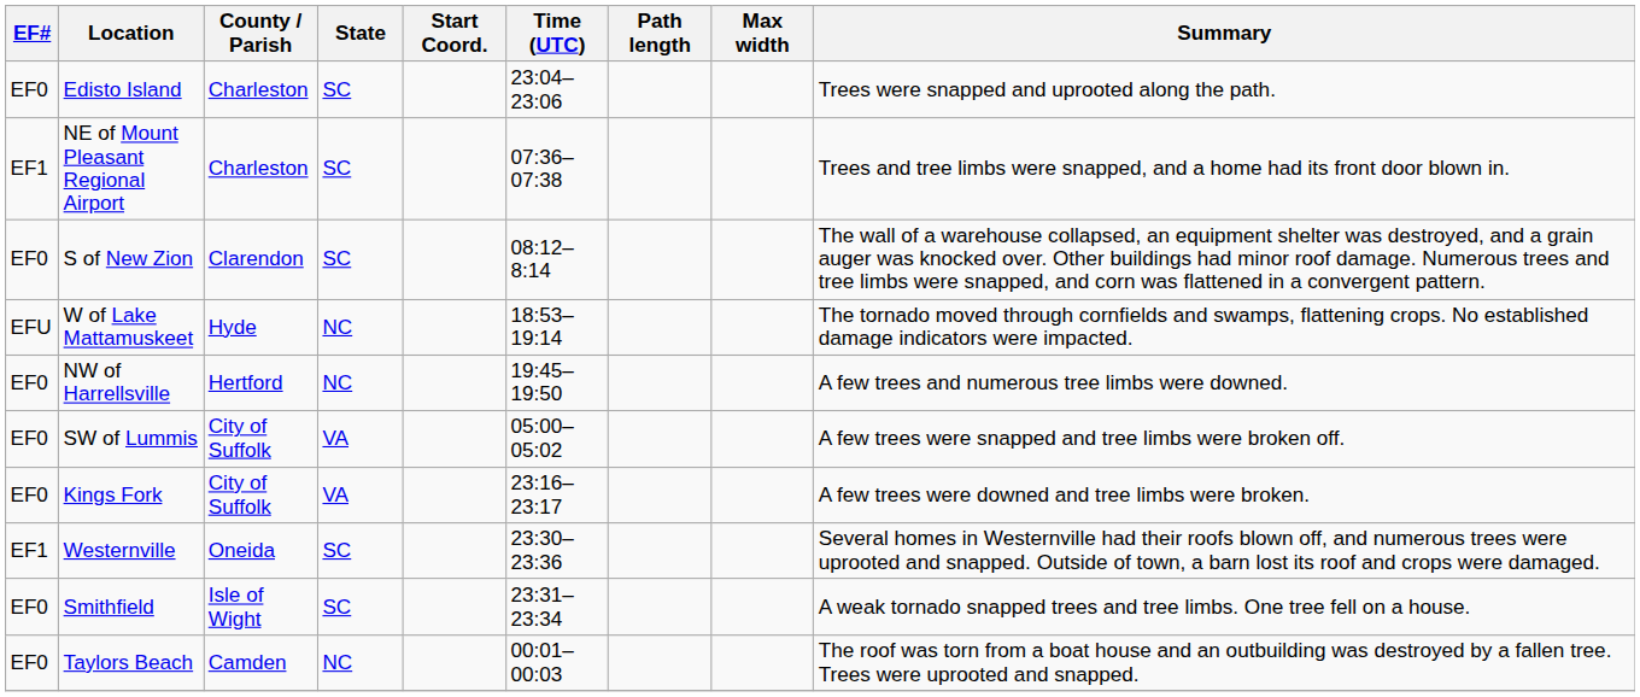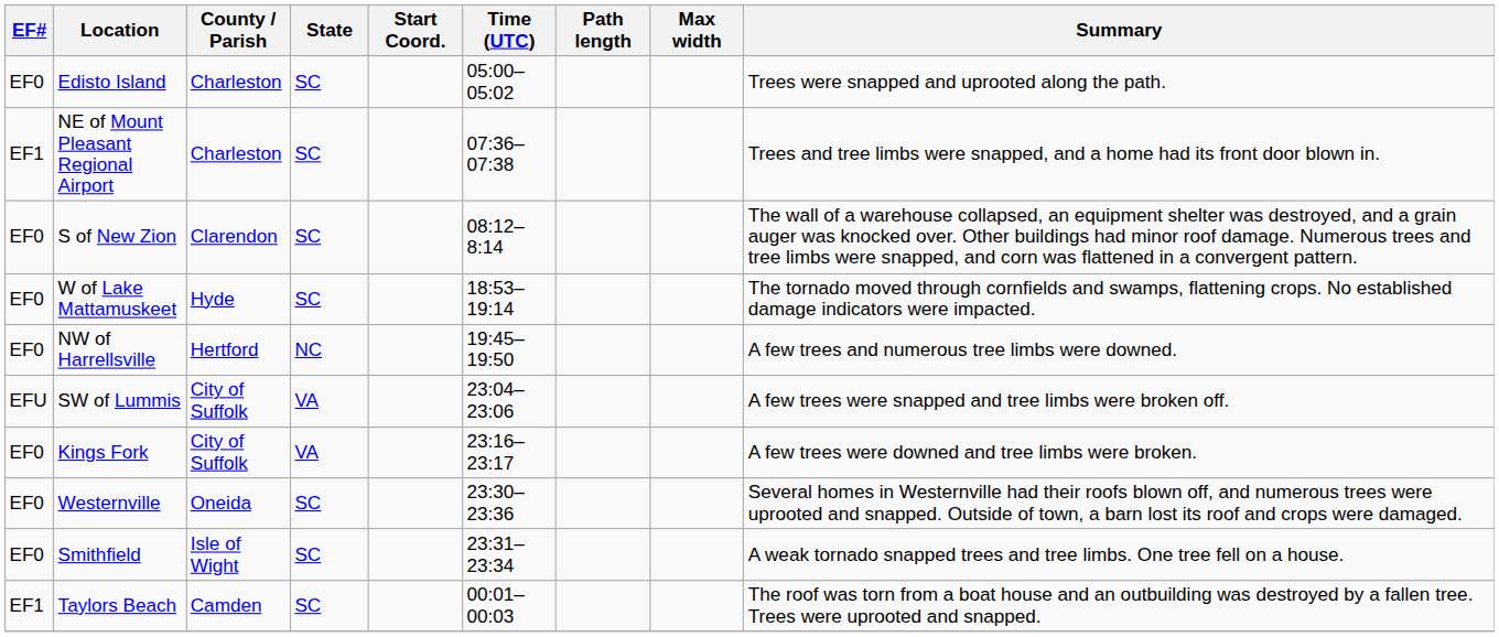 <table class="wikitable sortable" style="width:100%;">
 <tr>
 <th scope="col"  style="width:3%; text-align:center;"><a href='#'>EF#</a></th>
 <th scope="col"  style="width:7%; text-align:center;" class="unsortable">Location</th>
 <th scope="col"  style="width:6%; text-align:center;" class="unsortable">County / Parish</th>
 <th scope="col"  style="width:5%; text-align:center;">State</th>
 <th scope="col"  style="width:6%; text-align:center;">Start Coord.</th>
 <th scope="col"  style="width:6%; text-align:center;">Time (<a href='#'>UTC</a>)</th>
 <th scope="col"  style="width:6%; text-align:center;">Path length</th>
 <th scope="col"  style="width:6%; text-align:center;">Max width</th>
 <th scope="col" class="unsortable" style="width:48%; text-align:center;">Summary</th>
 </tr>
 <tr>
 <td>EF0</td>
 <td><a href='#'>Edisto Island</a></td>
 <td><a href='#'>Charleston</a></td>
 <td><a href='#'>SC</a></td>
 <td></td>
-<td>23:04–23:06</td>
+<td>05:00–05:02</td>
 <td></td>
 <td></td>
 <td>Trees were snapped and uprooted along the path.</td>
 </tr>
 <tr>
 <td>EF1</td>
 <td>NE of <a href='#'>Mount Pleasant Regional Airport</a></td>
 <td><a href='#'>Charleston</a></td>
 <td><a href='#'>SC</a></td>
 <td></td>
 <td>07:36–07:38</td>
 <td></td>
 <td></td>
 <td>Trees and tree limbs were snapped, and a home had its front door blown in.</td>
 </tr>
 <tr>
 <td>EF0</td>
 <td>S of <a href='#'>New Zion</a></td>
 <td><a href='#'>Clarendon</a></td>
 <td><a href='#'>SC</a></td>
 <td></td>
 <td>08:12–8:14</td>
 <td></td>
 <td></td>
 <td>The wall of a warehouse collapsed, an equipment shelter was destroyed, and a grain auger was knocked over. Other buildings had minor roof damage. Numerous trees and tree limbs were snapped, and corn was flattened in a convergent pattern.</td>
 </tr>
 <tr>
-<td>EFU</td>
+<td>EF0</td>
 <td>W of <a href='#'>Lake Mattamuskeet</a></td>
 <td><a href='#'>Hyde</a></td>
-<td><a href='#'>NC</a></td>
+<td><a href='#'>SC</a></td>
 <td></td>
 <td>18:53–19:14</td>
 <td></td>
 <td></td>
 <td>The tornado moved through cornfields and swamps, flattening crops. No established damage indicators were impacted.</td>
 </tr>
 <tr>
 <td>EF0</td>
 <td>NW of <a href='#'>Harrellsville</a></td>
 <td><a href='#'>Hertford</a></td>
 <td><a href='#'>NC</a></td>
 <td></td>
 <td>19:45–19:50</td>
 <td></td>
 <td></td>
 <td>A few trees and numerous tree limbs were downed.</td>
 </tr>
 <tr>
-<td>EF0</td>
+<td>EFU</td>
 <td>SW of <a href='#'>Lummis</a></td>
 <td><a href='#'>City of Suffolk</a></td>
 <td><a href='#'>VA</a></td>
 <td></td>
-<td>05:00–05:02</td>
+<td>23:04–23:06</td>
 <td></td>
 <td></td>
 <td>A few trees were snapped and tree limbs were broken off.</td>
 </tr>
 <tr>
 <td>EF0</td>
 <td><a href='#'>Kings Fork</a></td>
 <td><a href='#'>City of Suffolk</a></td>
 <td><a href='#'>VA</a></td>
 <td></td>
 <td>23:16–23:17</td>
 <td></td>
 <td></td>
 <td>A few trees were downed and tree limbs were broken.</td>
 </tr>
 <tr>
-<td>EF1</td>
+<td>EF0</td>
 <td><a href='#'>Westernville</a></td>
 <td><a href='#'>Oneida</a></td>
 <td><a href='#'>SC</a></td>
 <td></td>
 <td>23:30–23:36</td>
 <td></td>
 <td></td>
 <td>Several homes in Westernville had their roofs blown off, and numerous trees were uprooted and snapped. Outside of town, a barn lost its roof and crops were damaged.</td>
 </tr>
 <tr>
 <td>EF0</td>
 <td><a href='#'>Smithfield</a></td>
 <td><a href='#'>Isle of Wight</a></td>
 <td><a href='#'>SC</a></td>
 <td></td>
 <td>23:31–23:34</td>
 <td></td>
 <td></td>
 <td>A weak tornado snapped trees and tree limbs. One tree fell on a house.</td>
 </tr>
 <tr>
-<td>EF0</td>
+<td>EF1</td>
 <td><a href='#'>Taylors Beach</a></td>
 <td><a href='#'>Camden</a></td>
-<td><a href='#'>NC</a></td>
+<td><a href='#'>SC</a></td>
 <td></td>
 <td>00:01–00:03</td>
 <td></td>
 <td></td>
 <td>The roof was torn from a boat house and an outbuilding was destroyed by a fallen tree. Trees were uprooted and snapped.</td>
 </tr>
 <tr>
 </tr>
 </table>
